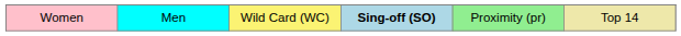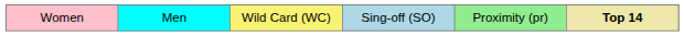 <table border="2" cellpadding="7" style="background:gray; border:1px solid gray; border-collapse:collapse; margin:1em auto; text-align:center;">
 <tr>
 </tr>
 <tr>
 <td style="background:pink;" width="15%">Women</td>
 <td style="background:cyan;" width="15%">Men</td>
 <td style="background:#FBF373;" width="15%">Wild Card (WC)</td>
-<td style="background:lightblue;" width="15%"><strong>Sing-off (SO)</strong></td>
+<td style="background:lightblue;" width="15%">Sing-off (SO)</td>
 <td style="background:lightgreen;" width="15%">Proximity (pr)</td>
-<td style="background:palegoldenrod;" width="15%">Top 14</td>
+<td style="background:palegoldenrod;" width="15%"><strong>Top 14</strong></td>
 </tr>
 </table>
